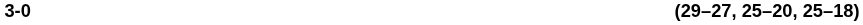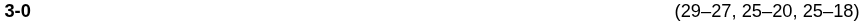 <table width=100% cellspacing=1>
 <tr>
 <th width=20%></th>
 <th width=12%></th>
 <th width=20%></th>
 <th width=33%></th>
 <td></td>
 </tr>
 <tr style=font-size:90%>
 <td align=right></td>
 <td align=center><strong>3-0</strong></td>
 <td></td>
-<td><strong>(29–27, 25–20, 25–18)</strong></td>
+<td>(29–27, 25–20, 25–18)</td>
 </tr>
 </table>
